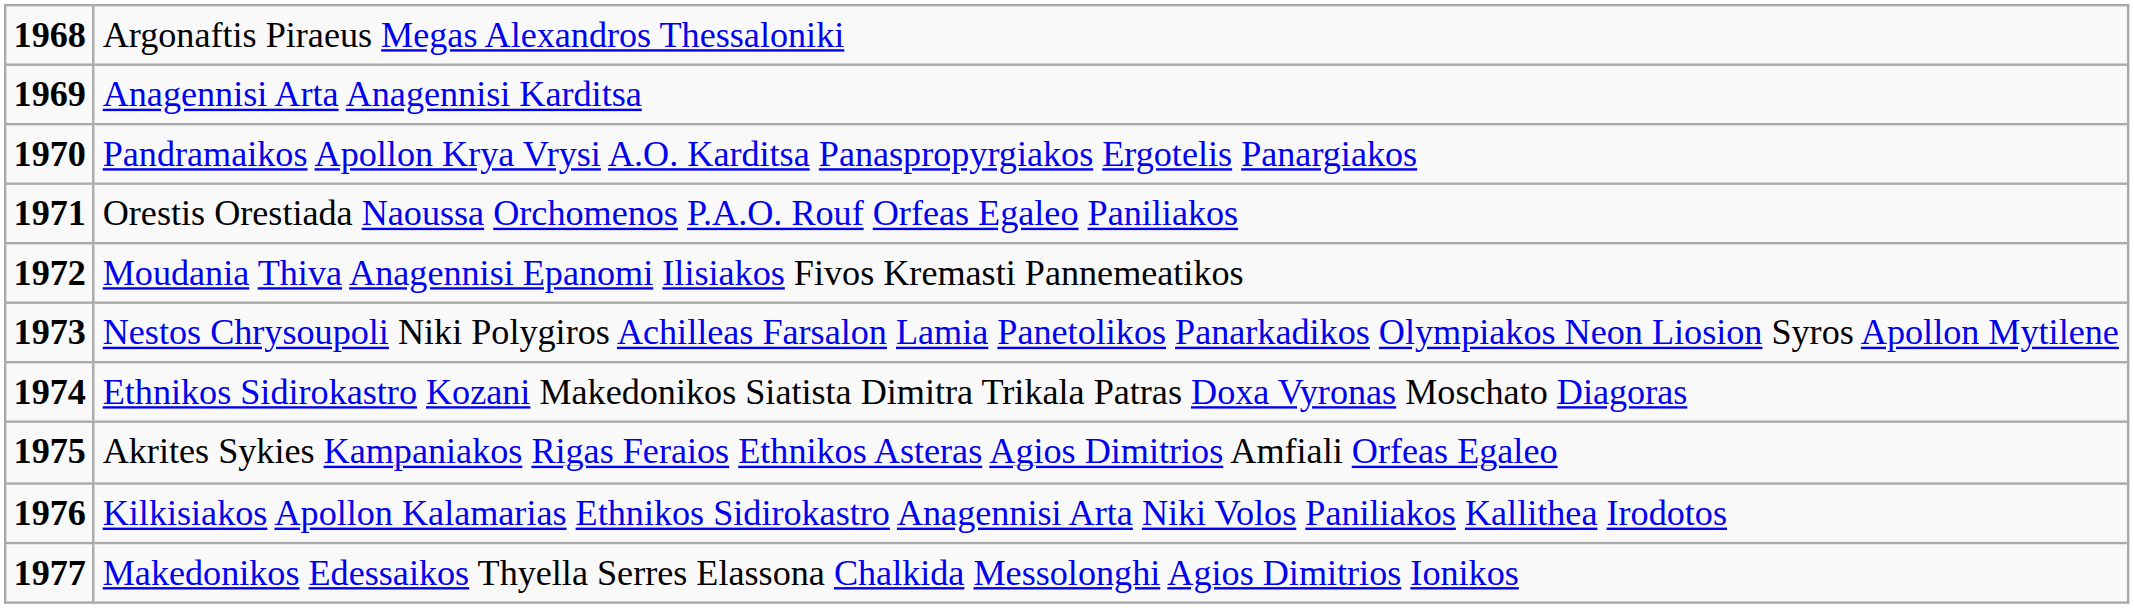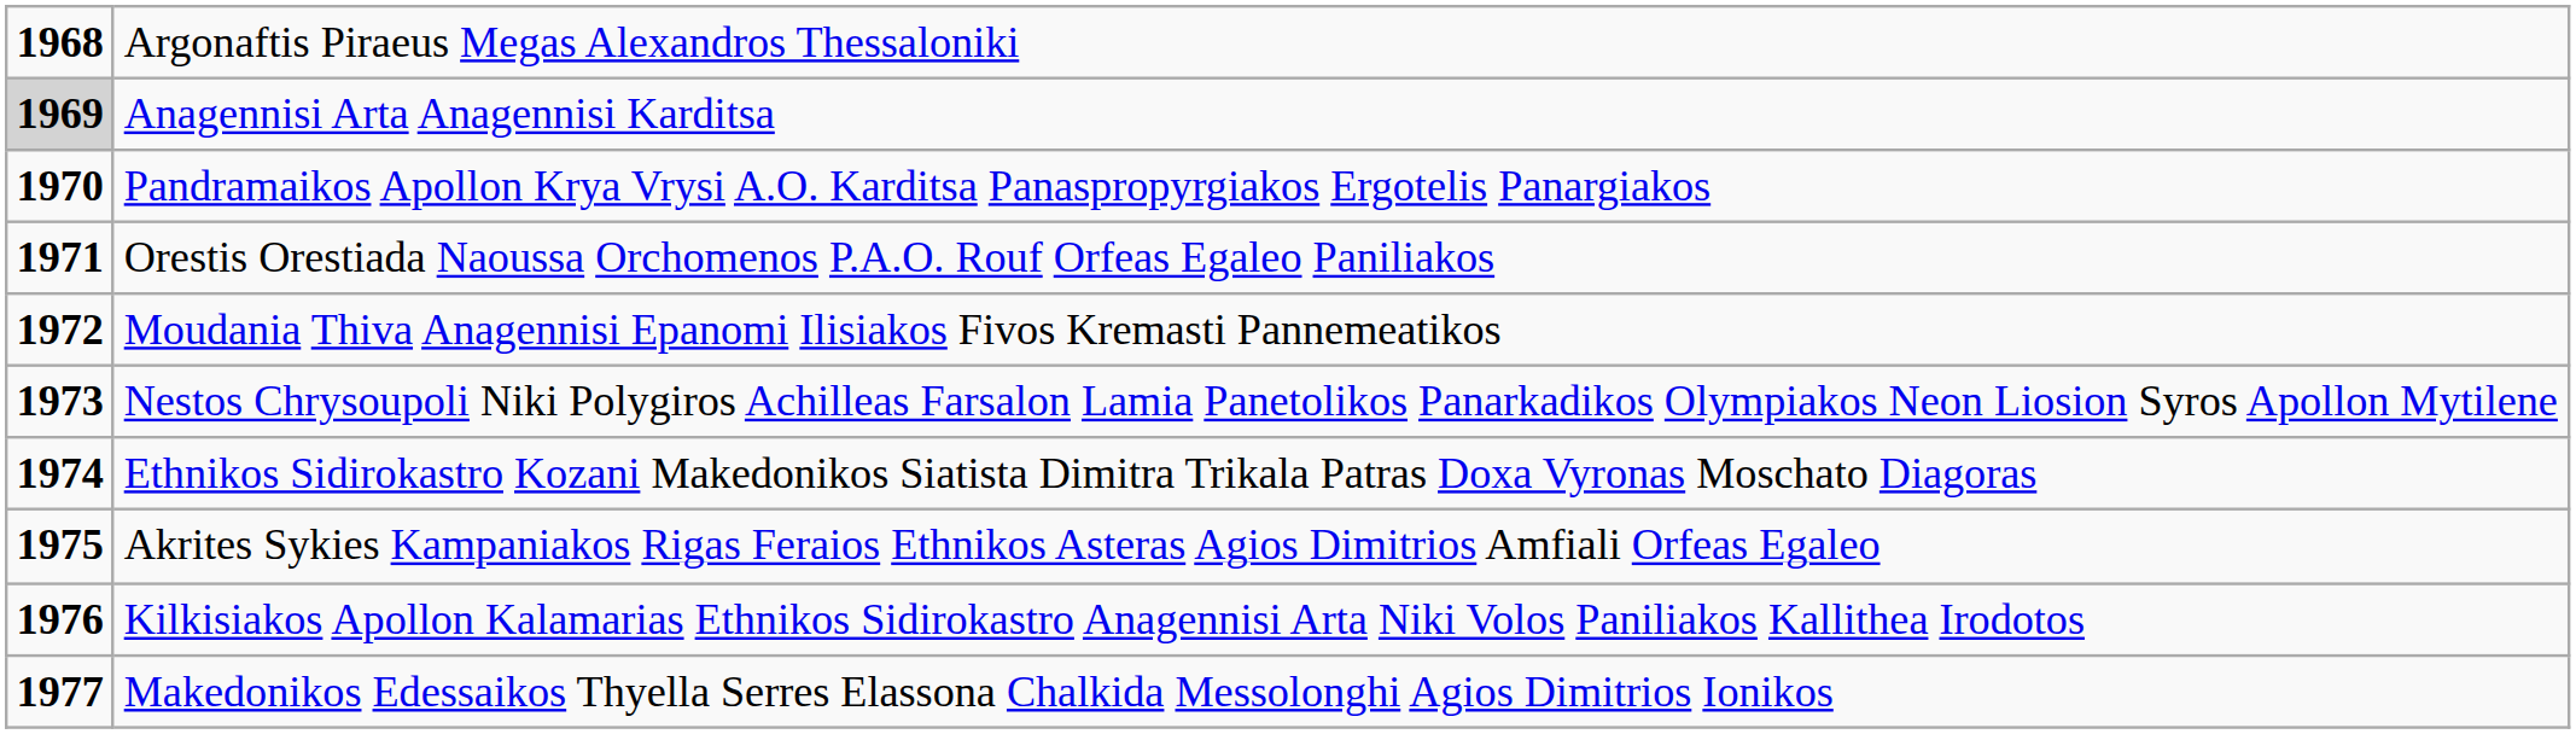 <table class="wikitable" style="font-size: 95%;">
 <tr>
 <td align="center"><strong>1968</strong></td>
 <td align="left">Argonaftis Piraeus  <a href='#'>Megas Alexandros Thessaloniki</a></td>
 </tr>
 <tr>
-<td align="center"><strong>1969</strong></td>
+<td align="center" style="background: lightgrey;"><strong>1969</strong></td>
 <td align="left"><a href='#'>Anagennisi Arta</a>  <a href='#'>Anagennisi Karditsa</a></td>
 </tr>
 <tr>
 <td align="center"><strong>1970</strong></td>
 <td align="left"><a href='#'>Pandramaikos</a>  <a href='#'>Apollon Krya Vrysi</a>  <a href='#'>A.O. Karditsa</a>  <a href='#'>Panaspropyrgiakos</a>  <a href='#'>Ergotelis</a>  <a href='#'>Panargiakos</a></td>
 </tr>
 <tr>
 <td align="center"><strong>1971</strong></td>
 <td align="left">Orestis Orestiada  <a href='#'>Naoussa</a>  <a href='#'>Orchomenos</a>  <a href='#'>P.A.O. Rouf</a>  <a href='#'>Orfeas Egaleo</a>  <a href='#'>Paniliakos</a></td>
 </tr>
 <tr>
 <td align="center"><strong>1972</strong></td>
 <td align="left"><a href='#'>Moudania</a>  <a href='#'>Thiva</a>  <a href='#'>Anagennisi Epanomi</a>  <a href='#'>Ilisiakos</a>  Fivos Kremasti  Pannemeatikos</td>
 </tr>
 <tr>
 <td align="center"><strong>1973</strong></td>
 <td align="left"><a href='#'>Nestos Chrysoupoli</a>  Niki Polygiros  <a href='#'>Achilleas Farsalon</a>  <a href='#'>Lamia</a>  <a href='#'>Panetolikos</a>  <a href='#'>Panarkadikos</a>  <a href='#'>Olympiakos Neon Liosion</a>  Syros  <a href='#'>Apollon Mytilene</a></td>
 </tr>
 <tr>
 <td align="center"><strong>1974</strong></td>
 <td align="left"><a href='#'>Ethnikos Sidirokastro</a>  <a href='#'>Kozani</a>  Makedonikos Siatista  Dimitra Trikala  Patras  <a href='#'>Doxa Vyronas</a>  Moschato  <a href='#'>Diagoras</a></td>
 </tr>
 <tr>
 <td align="center"><strong>1975</strong></td>
 <td align="left">Akrites Sykies  <a href='#'>Kampaniakos</a>  <a href='#'>Rigas Feraios</a>  <a href='#'>Ethnikos Asteras</a>  <a href='#'>Agios Dimitrios</a>  Amfiali  <a href='#'>Orfeas Egaleo</a></td>
 </tr>
 <tr>
 <td align="center"><strong>1976</strong></td>
 <td align="left"><a href='#'>Kilkisiakos</a>  <a href='#'>Apollon Kalamarias</a>  <a href='#'>Ethnikos Sidirokastro</a>  <a href='#'>Anagennisi Arta</a>  <a href='#'>Niki Volos</a>  <a href='#'>Paniliakos</a>  <a href='#'>Kallithea</a>  <a href='#'>Irodotos</a></td>
 </tr>
 <tr>
 <td align="center"><strong>1977</strong></td>
 <td align="left"><a href='#'>Makedonikos</a>  <a href='#'>Edessaikos</a>  Thyella Serres  Elassona  <a href='#'>Chalkida</a>  <a href='#'>Messolonghi</a>  <a href='#'>Agios Dimitrios</a>  <a href='#'>Ionikos</a></td>
 </tr>
 </table>
